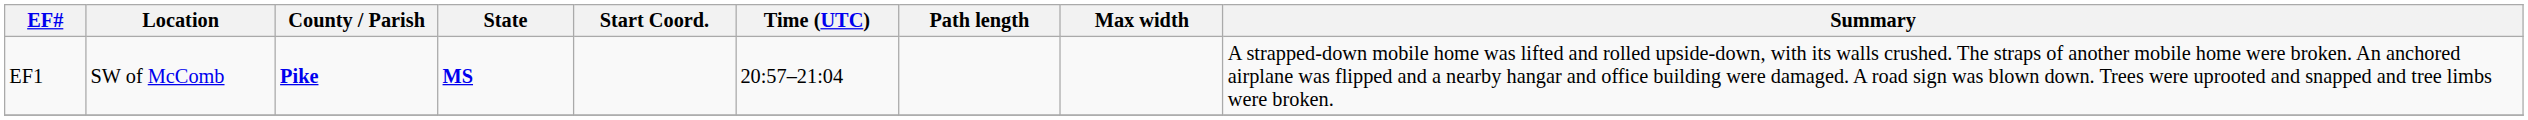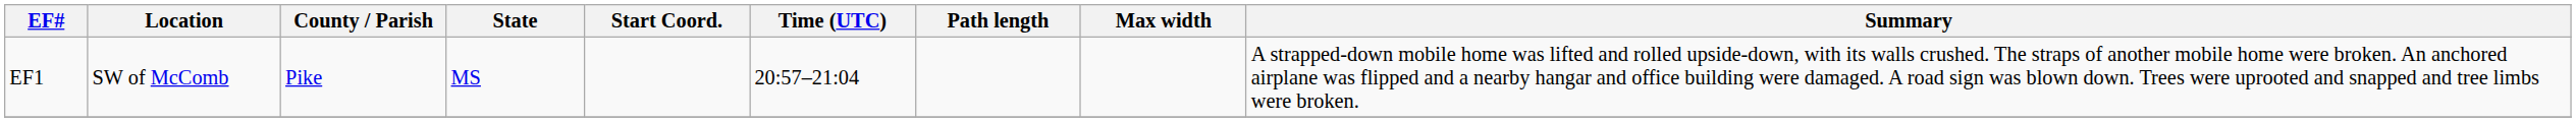 <table class="wikitable sortable" style="width:100%;">
 <tr>
 <th scope="col"  style="width:3%; text-align:center;"><a href='#'>EF#</a></th>
 <th scope="col"  style="width:7%; text-align:center;" class="unsortable">Location</th>
 <th scope="col"  style="width:6%; text-align:center;" class="unsortable">County / Parish</th>
 <th scope="col"  style="width:5%; text-align:center;">State</th>
 <th scope="col"  style="width:6%; text-align:center;">Start Coord.</th>
 <th scope="col"  style="width:6%; text-align:center;">Time (<a href='#'>UTC</a>)</th>
 <th scope="col"  style="width:6%; text-align:center;">Path length</th>
 <th scope="col"  style="width:6%; text-align:center;">Max width</th>
 <th scope="col" class="unsortable" style="width:48%; text-align:center;">Summary</th>
 </tr>
 <tr>
 <td>EF1</td>
 <td>SW of <a href='#'>McComb</a></td>
-<td><strong><a href='#'>Pike</a></strong></td>
-<td><strong><a href='#'>MS</a></strong></td>
+<td><a href='#'>Pike</a></td>
+<td><a href='#'>MS</a></td>
 <td></td>
 <td>20:57–21:04</td>
 <td></td>
 <td></td>
 <td>A strapped-down mobile home was lifted and rolled upside-down, with its walls crushed. The straps of another mobile home were broken. An anchored airplane was flipped and a nearby hangar and office building were damaged. A road sign was blown down. Trees were uprooted and snapped and tree limbs were broken.</td>
 </tr>
 <tr>
 </tr>
 </table>
